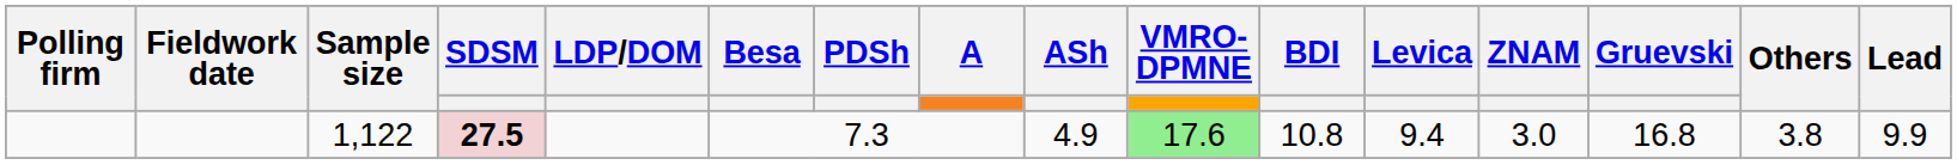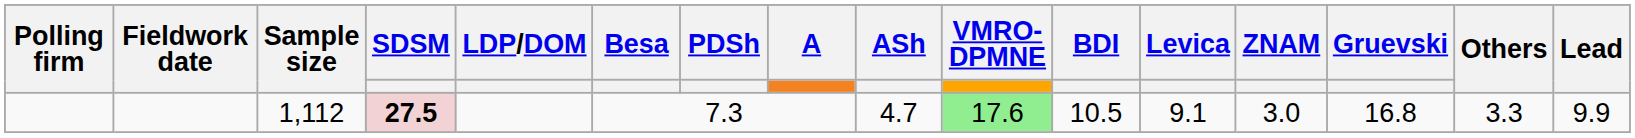 <table class="wikitable sortable tpl-blanktablele" style="text-align:center;font-size:90%;line-height:14px;">
 <tr style="height:40px;">
 <th rowspan="2">Polling firm</th>
 <th rowspan="2">Fieldwork date</th>
 <th rowspan="2">Sample<br>size</th>
 <th class="unsortable" style="width:40px;"><a href='#'>SDSM</a></th>
 <th><a href='#'>LDP</a>/<a href='#'>DOM</a></th>
 <th class="unsortable" style="width:40px;"><a href='#'>Besa</a></th>
 <th class="unsortable" style="width:40px;"><a href='#'>PDSh</a></th>
 <th class="unsortable" style="width:40px;"><a href='#'>A</a></th>
 <th class="unsortable" style="width:40px;"><a href='#'>ASh</a></th>
 <th class="unsortable" style="width:40px;"><a href='#'>VMRO-DPMNE</a></th>
 <th class="unsortable" style="width:40px;"><a href='#'>BDI</a></th>
 <th class="unsortable" style="width:40px;"><a href='#'>Levica</a></th>
 <th class="unsortable" style="width:40px;"><a href='#'>ZNAM</a></th>
 <th class="unsortable" style="width:40px;"><a href='#'>Gruevski</a></th>
 <th rowspan="2" class="unsortable" style="width:30px;">Others</th>
 <th style="width:30px;" rowspan="2">Lead</th>
 </tr>
 <tr>
 <th style="background:"></th>
 <th style="background:"></th>
 <th style="background:"></th>
 <th style="background:"></th>
 <th style="background:#F58220;"></th>
 <th style="background:"></th>
 <th style="background:#FFA500;"></th>
 <th style="background:"></th>
 <th style="background:"></th>
 <th style="background:"></th>
 <th style="background:;"></th>
 </tr>
 <tr>
 <td></td>
 <td></td>
-<td>1,122</td>
+<td>1,112</td>
 <td style="background:#F2D2D4;"><strong>27.5</strong></td>
 <td></td>
 <td colspan=3>7.3</td>
-<td>4.9</td>
+<td>4.7</td>
 <td style="background: lightgreen;">17.6</td>
-<td>10.8</td>
-<td>9.4</td>
+<td>10.5</td>
+<td>9.1</td>
 <td>3.0</td>
 <td>16.8</td>
-<td>3.8</td>
+<td>3.3</td>
 <td style="background:">9.9</td>
 </tr>
 </table>
